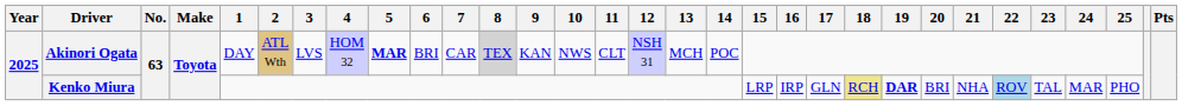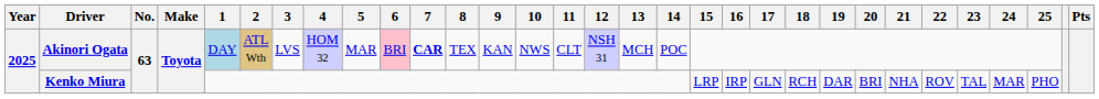 <table class="wikitable" style="text-align:center; font-size:75%">
 <tr>
 <th>Year</th>
 <th>Driver</th>
 <th>No.</th>
 <th>Make</th>
 <th>1</th>
 <th>2</th>
 <th>3</th>
 <th>4</th>
 <th>5</th>
 <th>6</th>
 <th>7</th>
 <th>8</th>
 <th>9</th>
 <th>10</th>
 <th>11</th>
 <th>12</th>
 <th>13</th>
 <th>14</th>
 <th>15</th>
 <th>16</th>
 <th>17</th>
 <th>18</th>
 <th>19</th>
 <th>20</th>
 <th>21</th>
 <th>22</th>
 <th>23</th>
 <th>24</th>
 <th>25</th>
 <th></th>
 <th>Pts</th>
 </tr>
 <tr>
 <th rowspan=2><a href='#'>2025</a></th>
 <th><a href='#'>Akinori Ogata</a></th>
 <th rowspan=2>63</th>
 <th rowspan=2><a href='#'>Toyota</a></th>
-<td><a href='#'>DAY</a></td>
+<td style="background: lightblue;"><a href='#'>DAY</a></td>
 <td style="background:#DFC484;"><a href='#'>ATL</a><br><small>Wth</small></td>
 <td><a href='#'>LVS</a></td>
 <td style="background:#CFCFFF;"><a href='#'>HOM</a><br><small>32</small></td>
-<td><strong><a href='#'>MAR</a></strong></td>
-<td><a href='#'>BRI</a></td>
-<td><a href='#'>CAR</a></td>
-<td style="background: lightgrey;"><a href='#'>TEX</a></td>
+<td><a href='#'>MAR</a></td>
+<td style="background: pink;"><a href='#'>BRI</a></td>
+<td><strong><a href='#'>CAR</a></strong></td>
+<td><a href='#'>TEX</a></td>
 <td><a href='#'>KAN</a></td>
 <td><a href='#'>NWS</a></td>
 <td><a href='#'>CLT</a></td>
 <td style="background:#CFCFFF;"><a href='#'>NSH</a><br><small>31</small></td>
 <td><a href='#'>MCH</a></td>
 <td><a href='#'>POC</a></td>
 <td colspan="11"></td>
 <th rowspan="2"></th>
 <th rowspan=2></th>
 </tr>
 <tr>
 <th><a href='#'>Kenko Miura</a></th>
 <td colspan="14"></td>
 <td><a href='#'>LRP</a></td>
 <td><a href='#'>IRP</a></td>
 <td><a href='#'>GLN</a></td>
-<td style="background: khaki;"><a href='#'>RCH</a></td>
-<td><strong><a href='#'>DAR</a></strong></td>
+<td><a href='#'>RCH</a></td>
+<td><a href='#'>DAR</a></td>
 <td><a href='#'>BRI</a></td>
 <td><a href='#'>NHA</a></td>
-<td style="background: lightblue;"><a href='#'>ROV</a></td>
+<td><a href='#'>ROV</a></td>
 <td><a href='#'>TAL</a></td>
 <td><a href='#'>MAR</a></td>
 <td><a href='#'>PHO</a></td>
 </tr>
 </table>
